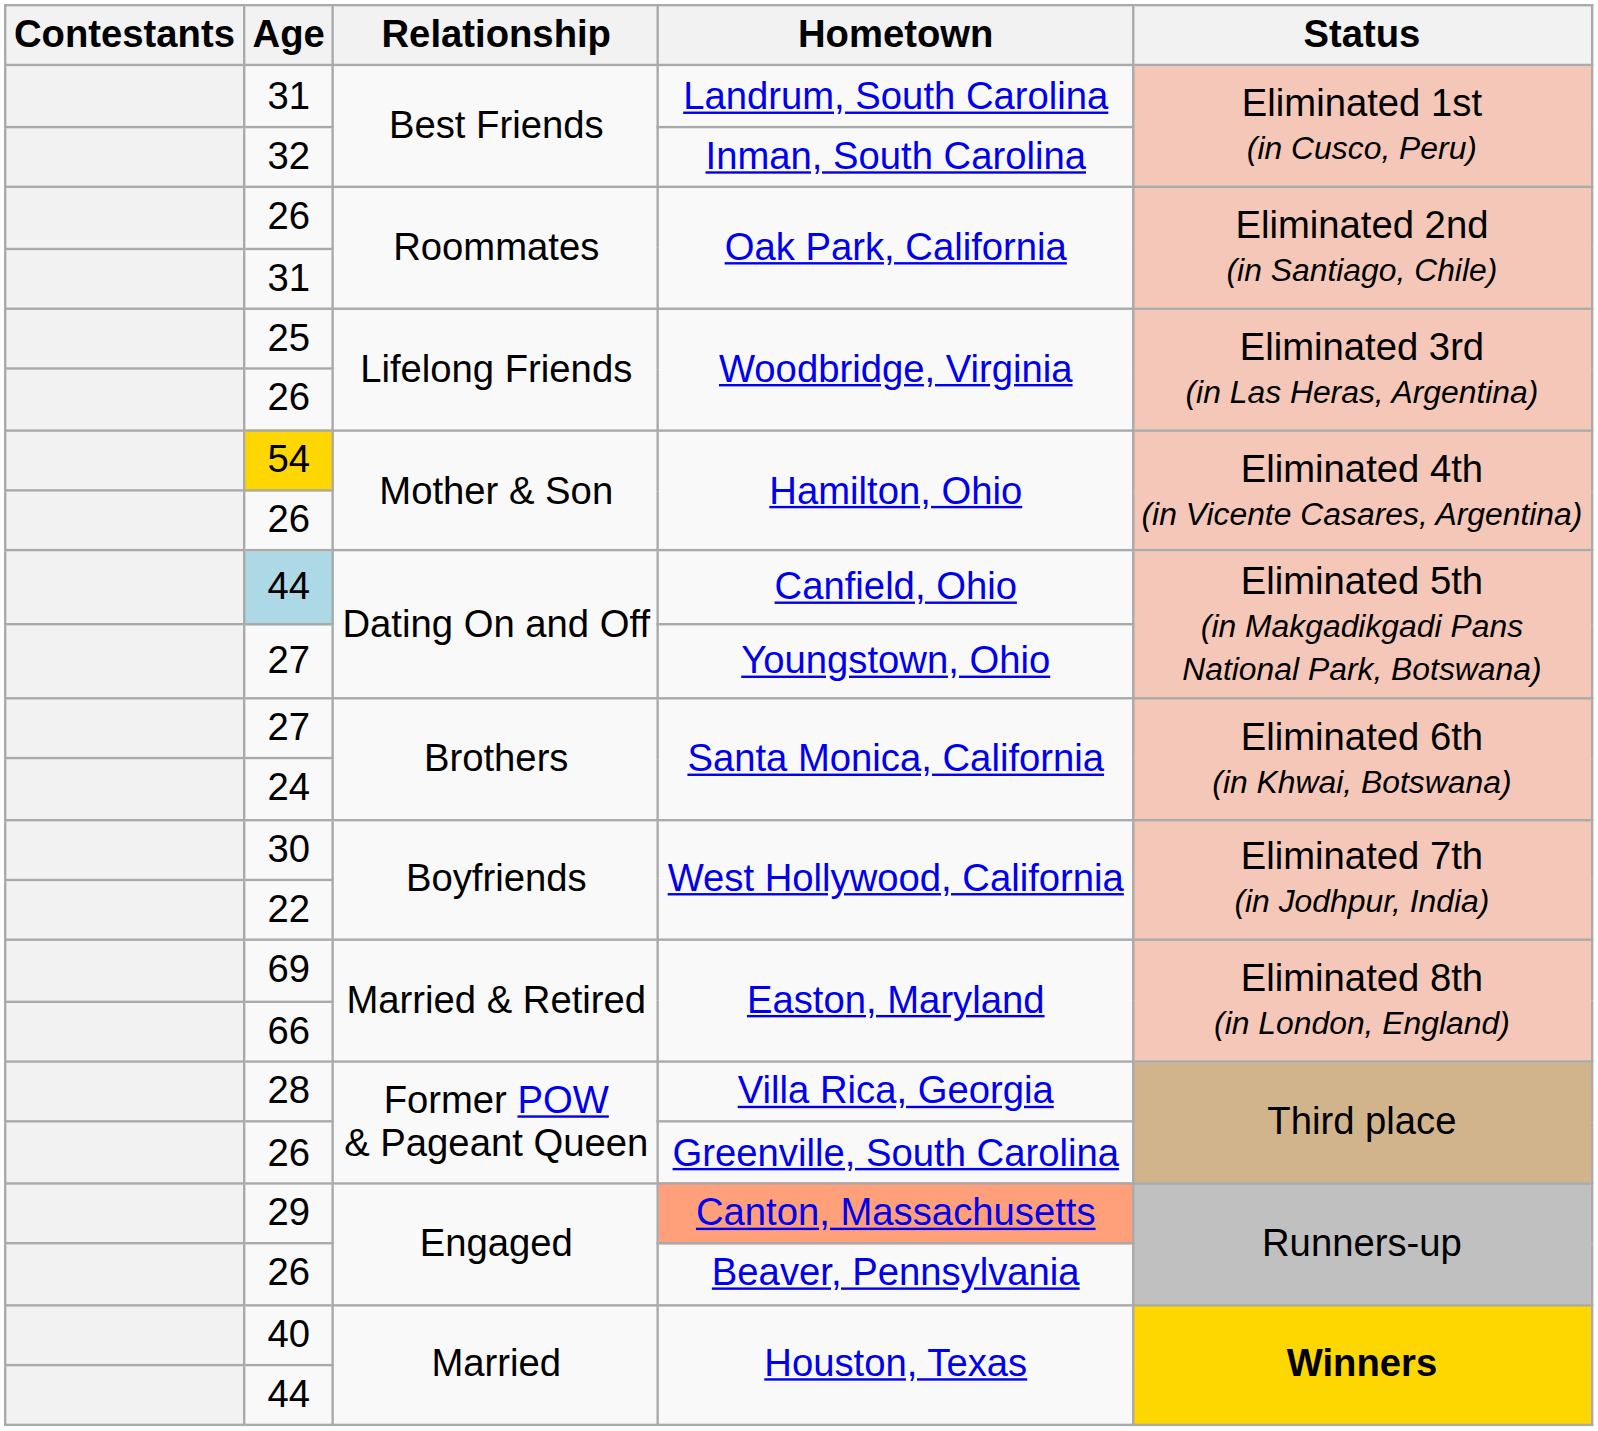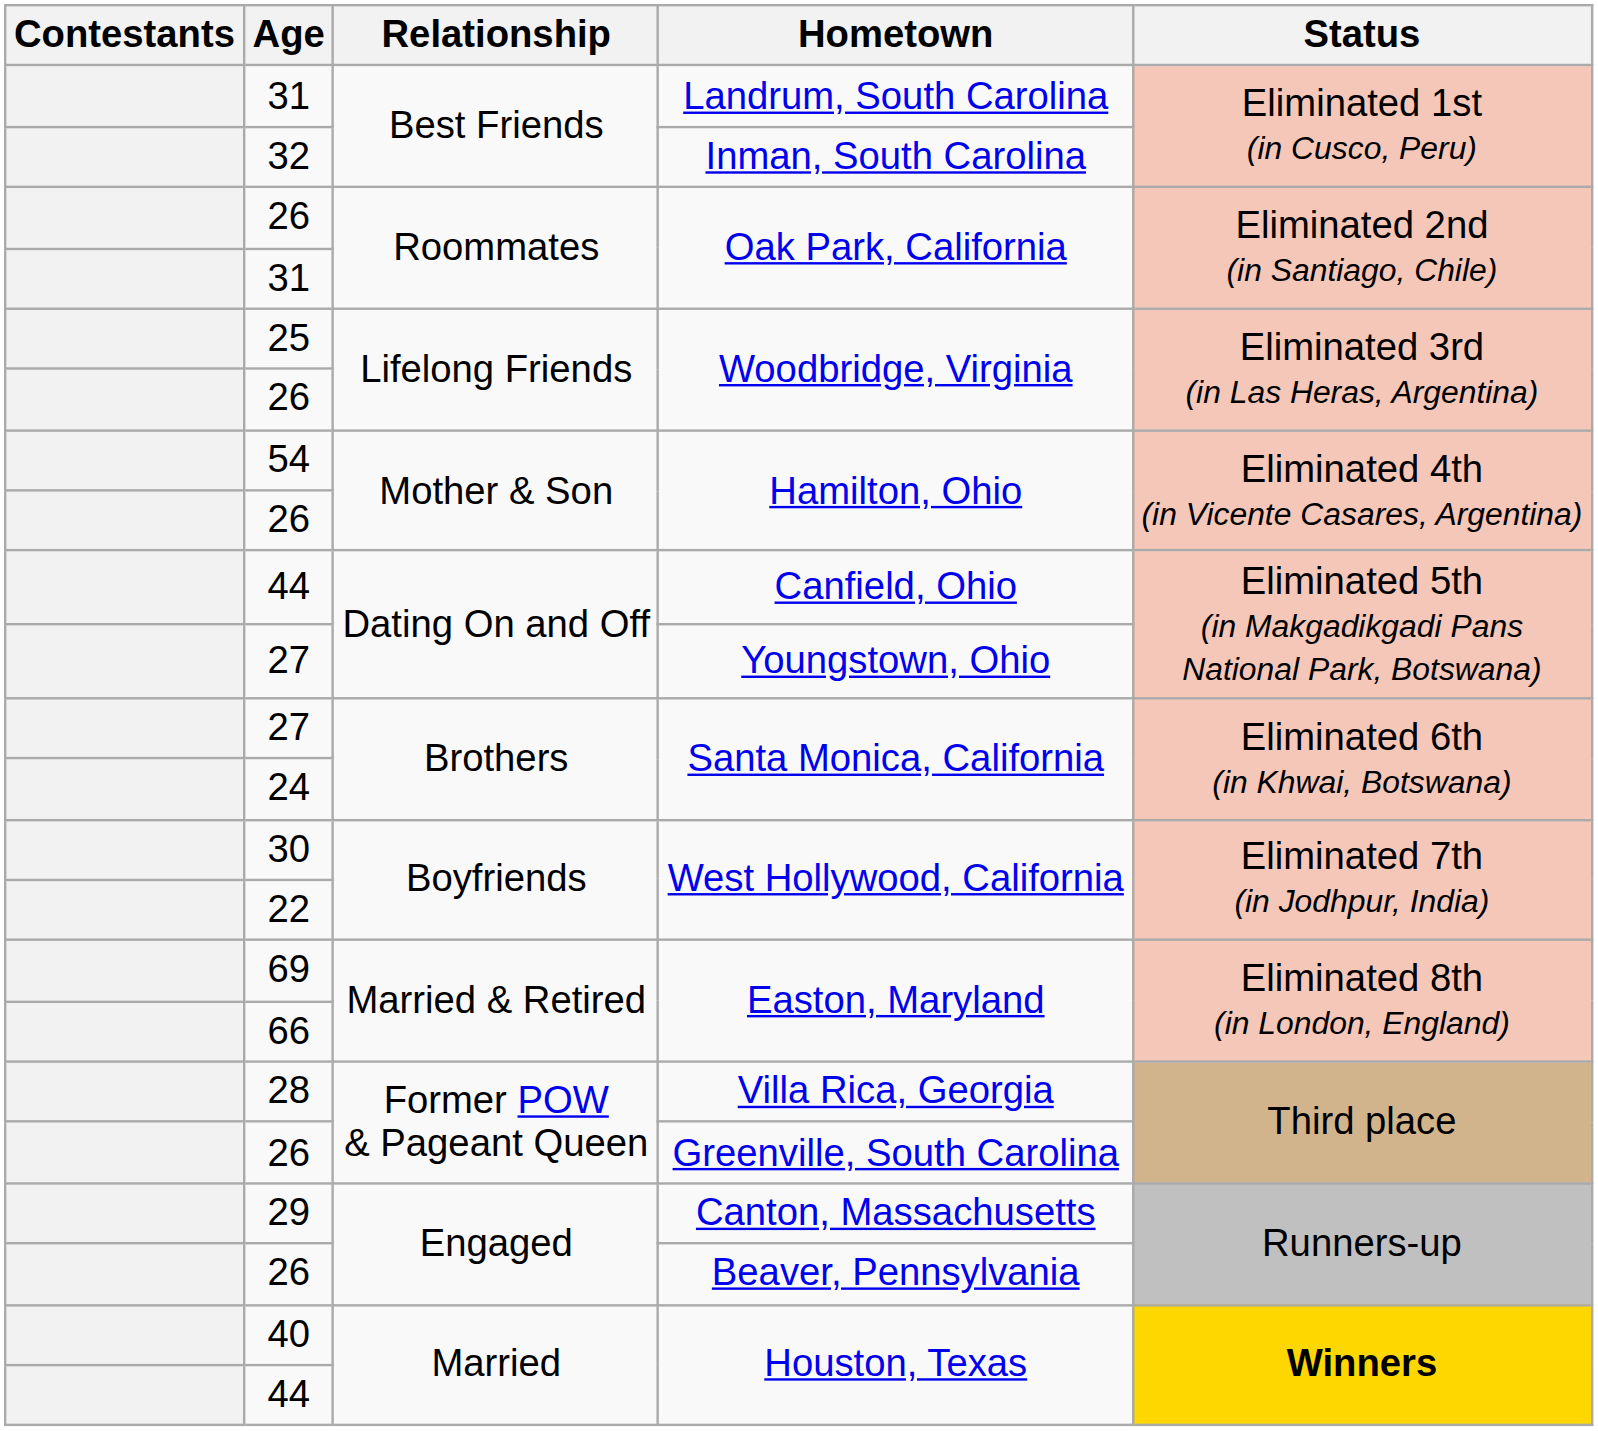 <table class="wikitable sortable" style="text-align:center;">
 <tr>
 <th scope="col">Contestants</th>
 <th scope="col">Age</th>
 <th scope="col" class="unsortable">Relationship</th>
 <th class="unsortable" scope="col">Hometown</th>
 <th scope="col">Status</th>
 </tr>
 <tr>
 <th scope="row"></th>
 <td>31</td>
 <td rowspan="2">Best Friends</td>
 <td><a href='#'>Landrum, South Carolina</a></td>
 <td rowspan="2" bgcolor="f4c7b8">Eliminated 1st<br><small><em>(in Cusco, Peru)</em></small></td>
 </tr>
 <tr>
 <th scope="row"></th>
 <td>32</td>
 <td><a href='#'>Inman, South Carolina</a></td>
 </tr>
 <tr>
 <th scope="row"></th>
 <td>26</td>
 <td rowspan="2">Roommates</td>
 <td rowspan="2"><a href='#'>Oak Park, California</a></td>
 <td rowspan="2" bgcolor="f4c7b8">Eliminated 2nd<br><small><em>(in Santiago, Chile)</em></small></td>
 </tr>
 <tr>
 <th scope="row"></th>
 <td>31</td>
 </tr>
 <tr>
 <th scope="row"></th>
 <td>25</td>
 <td rowspan="2">Lifelong Friends</td>
 <td rowspan="2"><a href='#'>Woodbridge, Virginia</a></td>
 <td rowspan="2" bgcolor="f4c7b8">Eliminated 3rd<br><small><em>(in Las Heras, Argentina)</em></small></td>
 </tr>
 <tr>
 <th scope="row"></th>
 <td>26</td>
 </tr>
 <tr>
 <th scope="row"></th>
-<td style="background: gold;">54</td>
+<td>54</td>
 <td rowspan="2">Mother & Son</td>
 <td rowspan="2"><a href='#'>Hamilton, Ohio</a></td>
 <td rowspan="2" bgcolor="f4c7b8">Eliminated 4th<br><small><em>(in Vicente Casares, Argentina)</em></small></td>
 </tr>
 <tr>
 <th scope="row"></th>
 <td>26</td>
 </tr>
 <tr>
 <th scope="row"></th>
-<td style="background: lightblue;">44</td>
+<td>44</td>
 <td rowspan="2">Dating On and Off</td>
 <td><a href='#'>Canfield, Ohio</a></td>
 <td rowspan="2" bgcolor="f4c7b8">Eliminated 5th<br><small><em>(in Makgadikgadi Pans<br>National Park, Botswana)</em></small></td>
 </tr>
 <tr>
 <th scope="row"></th>
 <td>27</td>
 <td><a href='#'>Youngstown, Ohio</a></td>
 </tr>
 <tr>
 <th scope="row"></th>
 <td>27</td>
 <td rowspan="2">Brothers</td>
 <td rowspan="2"><a href='#'>Santa Monica, California</a></td>
 <td rowspan="2" bgcolor="f4c7b8">Eliminated 6th<br><small><em>(in Khwai, Botswana)</em></small></td>
 </tr>
 <tr>
 <th scope="row"></th>
 <td>24</td>
 </tr>
 <tr>
 <th scope="row"></th>
 <td>30</td>
 <td rowspan="2">Boyfriends</td>
 <td rowspan="2"><a href='#'>West Hollywood, California</a></td>
 <td rowspan="2" bgcolor="f4c7b8">Eliminated 7th<br><small><em>(in Jodhpur, India)</em></small></td>
 </tr>
 <tr>
 <th scope="row"></th>
 <td>22</td>
 </tr>
 <tr>
 <th scope="row"></th>
 <td>69</td>
 <td rowspan="2">Married & Retired</td>
 <td rowspan="2"><a href='#'>Easton, Maryland</a></td>
 <td rowspan="2" bgcolor="f4c7b8">Eliminated 8th<br><small><em>(in London, England)</em></small></td>
 </tr>
 <tr>
 <th scope="row"></th>
 <td>66</td>
 </tr>
 <tr>
 <th scope="row"></th>
 <td>28</td>
 <td rowspan="2">Former <a href='#'>POW</a><br>& Pageant Queen</td>
 <td><a href='#'>Villa Rica, Georgia</a></td>
 <td rowspan="2" bgcolor="tan">Third place</td>
 </tr>
 <tr>
 <th scope="row"></th>
 <td>26</td>
 <td><a href='#'>Greenville, South Carolina</a></td>
 </tr>
 <tr>
 <th scope="row"></th>
 <td>29</td>
 <td rowspan="2">Engaged</td>
-<td style="background: lightsalmon;"><a href='#'>Canton, Massachusetts</a></td>
+<td><a href='#'>Canton, Massachusetts</a></td>
 <td rowspan="2" bgcolor="silver">Runners-up</td>
 </tr>
 <tr>
 <th scope="row"></th>
 <td>26</td>
 <td><a href='#'>Beaver, Pennsylvania</a></td>
 </tr>
 <tr>
 <th scope="row"></th>
 <td>40</td>
 <td rowspan="2">Married</td>
 <td rowspan="2"><a href='#'>Houston, Texas</a></td>
 <td rowspan="2" bgcolor="gold"><strong>Winners</strong></td>
 </tr>
 <tr>
 <th scope="row"></th>
 <td>44</td>
 </tr>
 </table>
